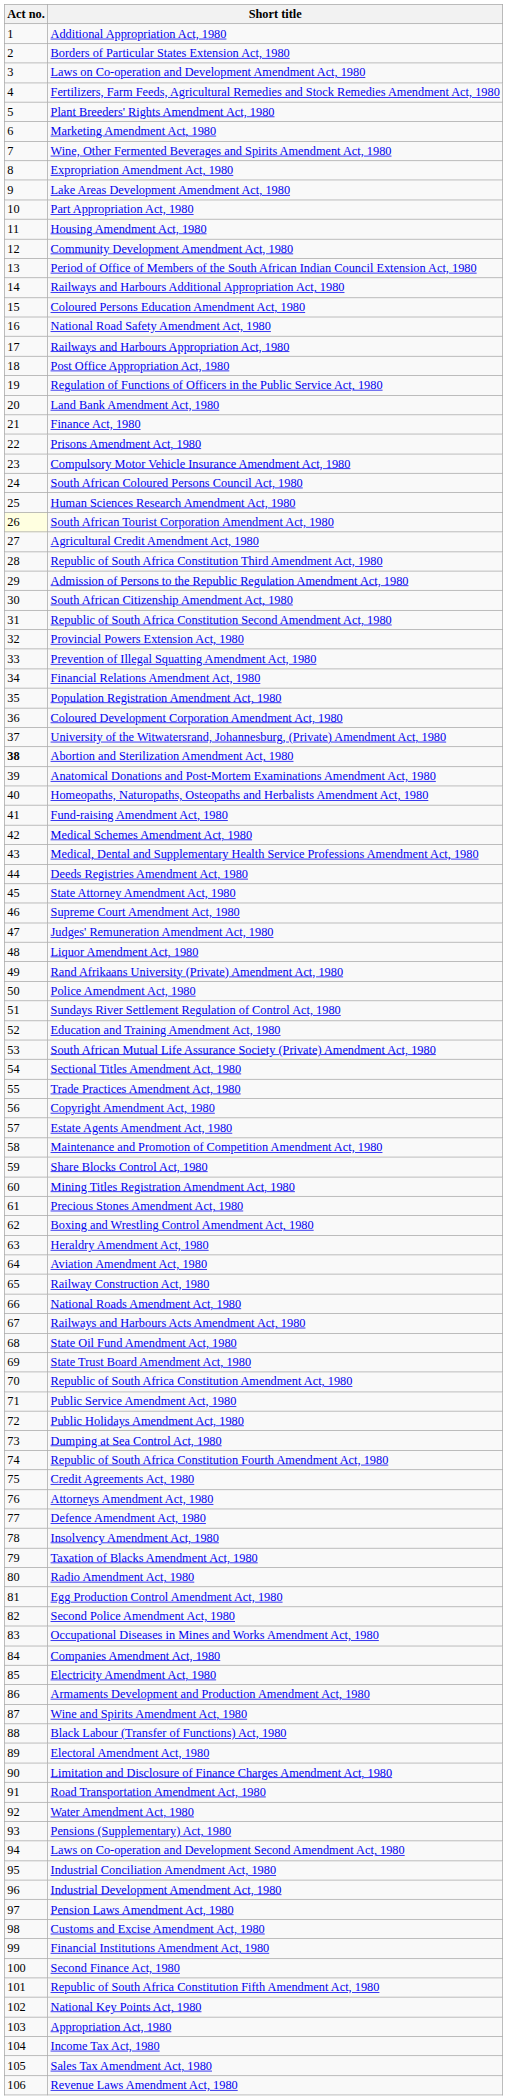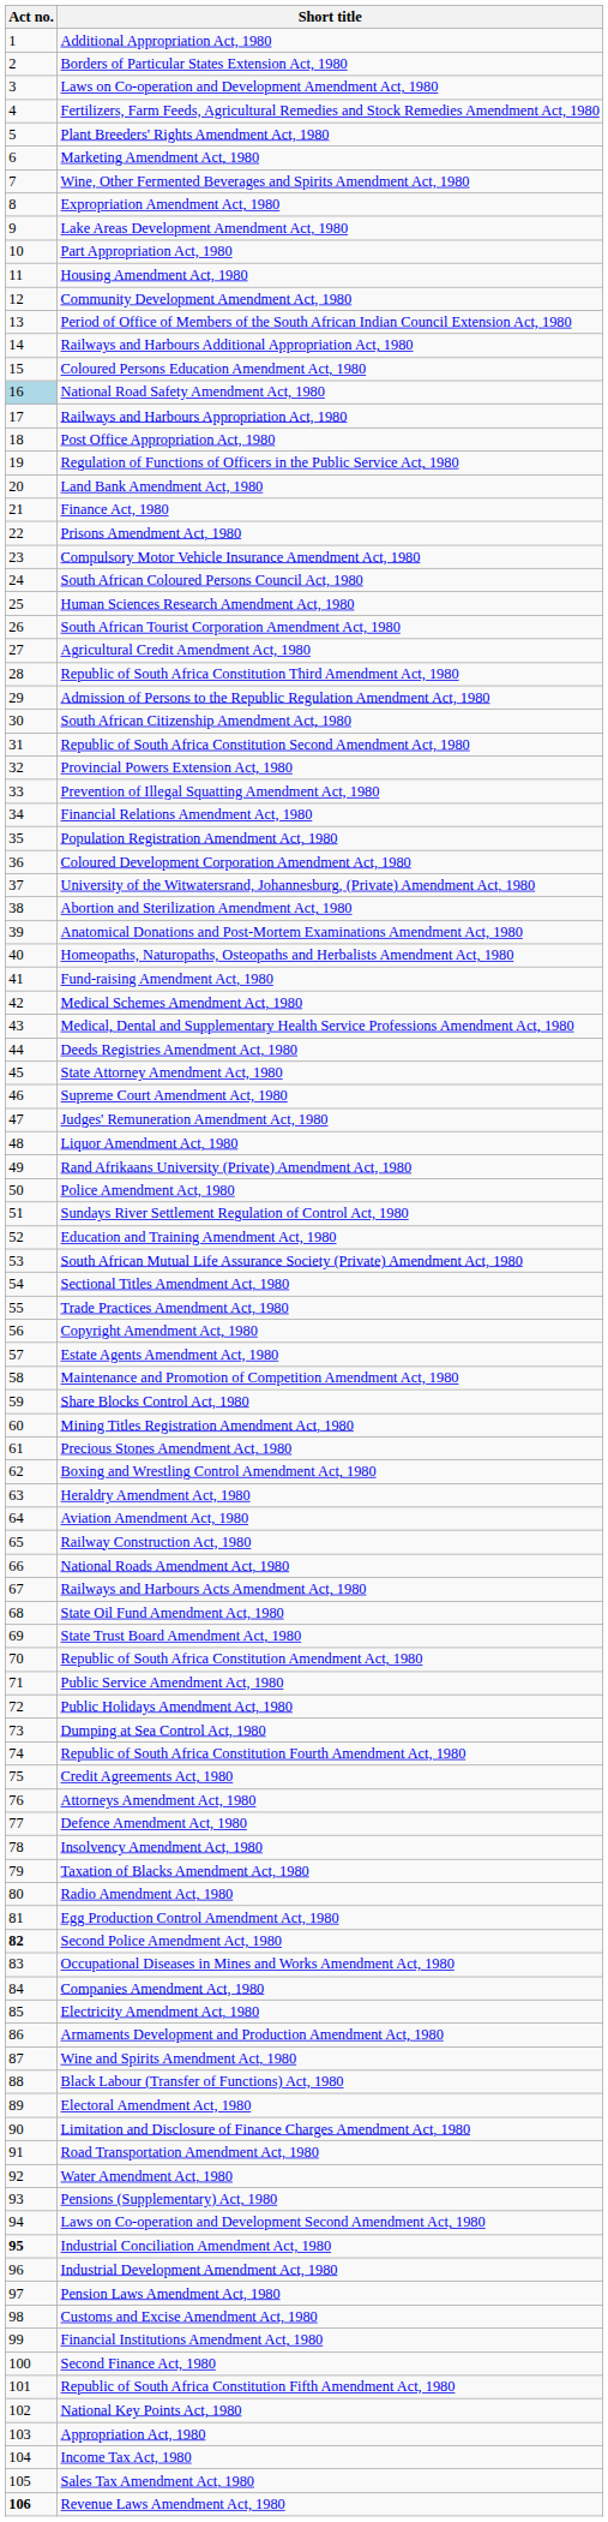 <table class="wikitable sortable">
 <tr>
 <th>Act no.</th>
 <th>Short title</th>
 </tr>
 <tr>
 <td>1</td>
 <td><a href='#'>Additional Appropriation Act, 1980</a></td>
 </tr>
 <tr>
 <td>2</td>
 <td><a href='#'>Borders of Particular States Extension Act, 1980</a></td>
 </tr>
 <tr>
 <td>3</td>
 <td><a href='#'>Laws on Co-operation and Development Amendment Act, 1980</a></td>
 </tr>
 <tr>
 <td>4</td>
 <td><a href='#'>Fertilizers, Farm Feeds, Agricultural Remedies and Stock Remedies Amendment Act, 1980</a></td>
 </tr>
 <tr>
 <td>5</td>
 <td><a href='#'>Plant Breeders' Rights Amendment Act, 1980</a></td>
 </tr>
 <tr>
 <td>6</td>
 <td><a href='#'>Marketing Amendment Act, 1980</a></td>
 </tr>
 <tr>
 <td>7</td>
 <td><a href='#'>Wine, Other Fermented Beverages and Spirits Amendment Act, 1980</a></td>
 </tr>
 <tr>
 <td>8</td>
 <td><a href='#'>Expropriation Amendment Act, 1980</a></td>
 </tr>
 <tr>
 <td>9</td>
 <td><a href='#'>Lake Areas Development Amendment Act, 1980</a></td>
 </tr>
 <tr>
 <td>10</td>
 <td><a href='#'>Part Appropriation Act, 1980</a></td>
 </tr>
 <tr>
 <td>11</td>
 <td><a href='#'>Housing Amendment Act, 1980</a></td>
 </tr>
 <tr>
 <td>12</td>
 <td><a href='#'>Community Development Amendment Act, 1980</a></td>
 </tr>
 <tr>
 <td>13</td>
 <td><a href='#'>Period of Office of Members of the South African Indian Council Extension Act, 1980</a></td>
 </tr>
 <tr>
 <td>14</td>
 <td><a href='#'>Railways and Harbours Additional Appropriation Act, 1980</a></td>
 </tr>
 <tr>
 <td>15</td>
 <td><a href='#'>Coloured Persons Education Amendment Act, 1980</a></td>
 </tr>
 <tr>
-<td>16</td>
+<td style="background: lightblue;">16</td>
 <td><a href='#'>National Road Safety Amendment Act, 1980</a></td>
 </tr>
 <tr>
 <td>17</td>
 <td><a href='#'>Railways and Harbours Appropriation Act, 1980</a></td>
 </tr>
 <tr>
 <td>18</td>
 <td><a href='#'>Post Office Appropriation Act, 1980</a></td>
 </tr>
 <tr>
 <td>19</td>
 <td><a href='#'>Regulation of Functions of Officers in the Public Service Act, 1980</a></td>
 </tr>
 <tr>
 <td>20</td>
 <td><a href='#'>Land Bank Amendment Act, 1980</a></td>
 </tr>
 <tr>
 <td>21</td>
 <td><a href='#'>Finance Act, 1980</a></td>
 </tr>
 <tr>
 <td>22</td>
 <td><a href='#'>Prisons Amendment Act, 1980</a></td>
 </tr>
 <tr>
 <td>23</td>
 <td><a href='#'>Compulsory Motor Vehicle Insurance Amendment Act, 1980</a></td>
 </tr>
 <tr>
 <td>24</td>
 <td><a href='#'>South African Coloured Persons Council Act, 1980</a></td>
 </tr>
 <tr>
 <td>25</td>
 <td><a href='#'>Human Sciences Research Amendment Act, 1980</a></td>
 </tr>
 <tr>
-<td style="background: lightyellow;">26</td>
+<td>26</td>
 <td><a href='#'>South African Tourist Corporation Amendment Act, 1980</a></td>
 </tr>
 <tr>
 <td>27</td>
 <td><a href='#'>Agricultural Credit Amendment Act, 1980</a></td>
 </tr>
 <tr>
 <td>28</td>
 <td><a href='#'>Republic of South Africa Constitution Third Amendment Act, 1980</a></td>
 </tr>
 <tr>
 <td>29</td>
 <td><a href='#'>Admission of Persons to the Republic Regulation Amendment Act, 1980</a></td>
 </tr>
 <tr>
 <td>30</td>
 <td><a href='#'>South African Citizenship Amendment Act, 1980</a></td>
 </tr>
 <tr>
 <td>31</td>
 <td><a href='#'>Republic of South Africa Constitution Second Amendment Act, 1980</a></td>
 </tr>
 <tr>
 <td>32</td>
 <td><a href='#'>Provincial Powers Extension Act, 1980</a></td>
 </tr>
 <tr>
 <td>33</td>
 <td><a href='#'>Prevention of Illegal Squatting Amendment Act, 1980</a></td>
 </tr>
 <tr>
 <td>34</td>
 <td><a href='#'>Financial Relations Amendment Act, 1980</a></td>
 </tr>
 <tr>
 <td>35</td>
 <td><a href='#'>Population Registration Amendment Act, 1980</a></td>
 </tr>
 <tr>
 <td>36</td>
 <td><a href='#'>Coloured Development Corporation Amendment Act, 1980</a></td>
 </tr>
 <tr>
 <td>37</td>
 <td><a href='#'>University of the Witwatersrand, Johannesburg, (Private) Amendment Act, 1980</a></td>
 </tr>
 <tr>
-<td><strong>38</strong></td>
+<td>38</td>
 <td><a href='#'>Abortion and Sterilization Amendment Act, 1980</a></td>
 </tr>
 <tr>
 <td>39</td>
 <td><a href='#'>Anatomical Donations and Post-Mortem Examinations Amendment Act, 1980</a></td>
 </tr>
 <tr>
 <td>40</td>
 <td><a href='#'>Homeopaths, Naturopaths, Osteopaths and Herbalists Amendment Act, 1980</a></td>
 </tr>
 <tr>
 <td>41</td>
 <td><a href='#'>Fund-raising Amendment Act, 1980</a></td>
 </tr>
 <tr>
 <td>42</td>
 <td><a href='#'>Medical Schemes Amendment Act, 1980</a></td>
 </tr>
 <tr>
 <td>43</td>
 <td><a href='#'>Medical, Dental and Supplementary Health Service Professions Amendment Act, 1980</a></td>
 </tr>
 <tr>
 <td>44</td>
 <td><a href='#'>Deeds Registries Amendment Act, 1980</a></td>
 </tr>
 <tr>
 <td>45</td>
 <td><a href='#'>State Attorney Amendment Act, 1980</a></td>
 </tr>
 <tr>
 <td>46</td>
 <td><a href='#'>Supreme Court Amendment Act, 1980</a></td>
 </tr>
 <tr>
 <td>47</td>
 <td><a href='#'>Judges' Remuneration Amendment Act, 1980</a></td>
 </tr>
 <tr>
 <td>48</td>
 <td><a href='#'>Liquor Amendment Act, 1980</a></td>
 </tr>
 <tr>
 <td>49</td>
 <td><a href='#'>Rand Afrikaans University (Private) Amendment Act, 1980</a></td>
 </tr>
 <tr>
 <td>50</td>
 <td><a href='#'>Police Amendment Act, 1980</a></td>
 </tr>
 <tr>
 <td>51</td>
 <td><a href='#'>Sundays River Settlement Regulation of Control Act, 1980</a></td>
 </tr>
 <tr>
 <td>52</td>
 <td><a href='#'>Education and Training Amendment Act, 1980</a></td>
 </tr>
 <tr>
 <td>53</td>
 <td><a href='#'>South African Mutual Life Assurance Society (Private) Amendment Act, 1980</a></td>
 </tr>
 <tr>
 <td>54</td>
 <td><a href='#'>Sectional Titles Amendment Act, 1980</a></td>
 </tr>
 <tr>
 <td>55</td>
 <td><a href='#'>Trade Practices Amendment Act, 1980</a></td>
 </tr>
 <tr>
 <td>56</td>
 <td><a href='#'>Copyright Amendment Act, 1980</a></td>
 </tr>
 <tr>
 <td>57</td>
 <td><a href='#'>Estate Agents Amendment Act, 1980</a></td>
 </tr>
 <tr>
 <td>58</td>
 <td><a href='#'>Maintenance and Promotion of Competition Amendment Act, 1980</a></td>
 </tr>
 <tr>
 <td>59</td>
 <td><a href='#'>Share Blocks Control Act, 1980</a></td>
 </tr>
 <tr>
 <td>60</td>
 <td><a href='#'>Mining Titles Registration Amendment Act, 1980</a></td>
 </tr>
 <tr>
 <td>61</td>
 <td><a href='#'>Precious Stones Amendment Act, 1980</a></td>
 </tr>
 <tr>
 <td>62</td>
 <td><a href='#'>Boxing and Wrestling Control Amendment Act, 1980</a></td>
 </tr>
 <tr>
 <td>63</td>
 <td><a href='#'>Heraldry Amendment Act, 1980</a></td>
 </tr>
 <tr>
 <td>64</td>
 <td><a href='#'>Aviation Amendment Act, 1980</a></td>
 </tr>
 <tr>
 <td>65</td>
 <td><a href='#'>Railway Construction Act, 1980</a></td>
 </tr>
 <tr>
 <td>66</td>
 <td><a href='#'>National Roads Amendment Act, 1980</a></td>
 </tr>
 <tr>
 <td>67</td>
 <td><a href='#'>Railways and Harbours Acts Amendment Act, 1980</a></td>
 </tr>
 <tr>
 <td>68</td>
 <td><a href='#'>State Oil Fund Amendment Act, 1980</a></td>
 </tr>
 <tr>
 <td>69</td>
 <td><a href='#'>State Trust Board Amendment Act, 1980</a></td>
 </tr>
 <tr>
 <td>70</td>
 <td><a href='#'>Republic of South Africa Constitution Amendment Act, 1980</a></td>
 </tr>
 <tr>
 <td>71</td>
 <td><a href='#'>Public Service Amendment Act, 1980</a></td>
 </tr>
 <tr>
 <td>72</td>
 <td><a href='#'>Public Holidays Amendment Act, 1980</a></td>
 </tr>
 <tr>
 <td>73</td>
 <td><a href='#'>Dumping at Sea Control Act, 1980</a></td>
 </tr>
 <tr>
 <td>74</td>
 <td><a href='#'>Republic of South Africa Constitution Fourth Amendment Act, 1980</a></td>
 </tr>
 <tr>
 <td>75</td>
 <td><a href='#'>Credit Agreements Act, 1980</a></td>
 </tr>
 <tr>
 <td>76</td>
 <td><a href='#'>Attorneys Amendment Act, 1980</a></td>
 </tr>
 <tr>
 <td>77</td>
 <td><a href='#'>Defence Amendment Act, 1980</a></td>
 </tr>
 <tr>
 <td>78</td>
 <td><a href='#'>Insolvency Amendment Act, 1980</a></td>
 </tr>
 <tr>
 <td>79</td>
 <td><a href='#'>Taxation of Blacks Amendment Act, 1980</a></td>
 </tr>
 <tr>
 <td>80</td>
 <td><a href='#'>Radio Amendment Act, 1980</a></td>
 </tr>
 <tr>
 <td>81</td>
 <td><a href='#'>Egg Production Control Amendment Act, 1980</a></td>
 </tr>
 <tr>
-<td>82</td>
+<td><strong>82</strong></td>
 <td><a href='#'>Second Police Amendment Act, 1980</a></td>
 </tr>
 <tr>
 <td>83</td>
 <td><a href='#'>Occupational Diseases in Mines and Works Amendment Act, 1980</a></td>
 </tr>
 <tr>
 <td>84</td>
 <td><a href='#'>Companies Amendment Act, 1980</a></td>
 </tr>
 <tr>
 <td>85</td>
 <td><a href='#'>Electricity Amendment Act, 1980</a></td>
 </tr>
 <tr>
 <td>86</td>
 <td><a href='#'>Armaments Development and Production Amendment Act, 1980</a></td>
 </tr>
 <tr>
 <td>87</td>
 <td><a href='#'>Wine and Spirits Amendment Act, 1980</a></td>
 </tr>
 <tr>
 <td>88</td>
 <td><a href='#'>Black Labour (Transfer of Functions) Act, 1980</a></td>
 </tr>
 <tr>
 <td>89</td>
 <td><a href='#'>Electoral Amendment Act, 1980</a></td>
 </tr>
 <tr>
 <td>90</td>
 <td><a href='#'>Limitation and Disclosure of Finance Charges Amendment Act, 1980</a></td>
 </tr>
 <tr>
 <td>91</td>
 <td><a href='#'>Road Transportation Amendment Act, 1980</a></td>
 </tr>
 <tr>
 <td>92</td>
 <td><a href='#'>Water Amendment Act, 1980</a></td>
 </tr>
 <tr>
 <td>93</td>
 <td><a href='#'>Pensions (Supplementary) Act, 1980</a></td>
 </tr>
 <tr>
 <td>94</td>
 <td><a href='#'>Laws on Co-operation and Development Second Amendment Act, 1980</a></td>
 </tr>
 <tr>
-<td>95</td>
+<td><strong>95</strong></td>
 <td><a href='#'>Industrial Conciliation Amendment Act, 1980</a></td>
 </tr>
 <tr>
 <td>96</td>
 <td><a href='#'>Industrial Development Amendment Act, 1980</a></td>
 </tr>
 <tr>
 <td>97</td>
 <td><a href='#'>Pension Laws Amendment Act, 1980</a></td>
 </tr>
 <tr>
 <td>98</td>
 <td><a href='#'>Customs and Excise Amendment Act, 1980</a></td>
 </tr>
 <tr>
 <td>99</td>
 <td><a href='#'>Financial Institutions Amendment Act, 1980</a></td>
 </tr>
 <tr>
 <td>100</td>
 <td><a href='#'>Second Finance Act, 1980</a></td>
 </tr>
 <tr>
 <td>101</td>
 <td><a href='#'>Republic of South Africa Constitution Fifth Amendment Act, 1980</a></td>
 </tr>
 <tr>
 <td>102</td>
 <td><a href='#'>National Key Points Act, 1980</a></td>
 </tr>
 <tr>
 <td>103</td>
 <td><a href='#'>Appropriation Act, 1980</a></td>
 </tr>
 <tr>
 <td>104</td>
 <td><a href='#'>Income Tax Act, 1980</a></td>
 </tr>
 <tr>
 <td>105</td>
 <td><a href='#'>Sales Tax Amendment Act, 1980</a></td>
 </tr>
 <tr>
-<td>106</td>
+<td><strong>106</strong></td>
 <td><a href='#'>Revenue Laws Amendment Act, 1980</a></td>
 </tr>
 </table>
